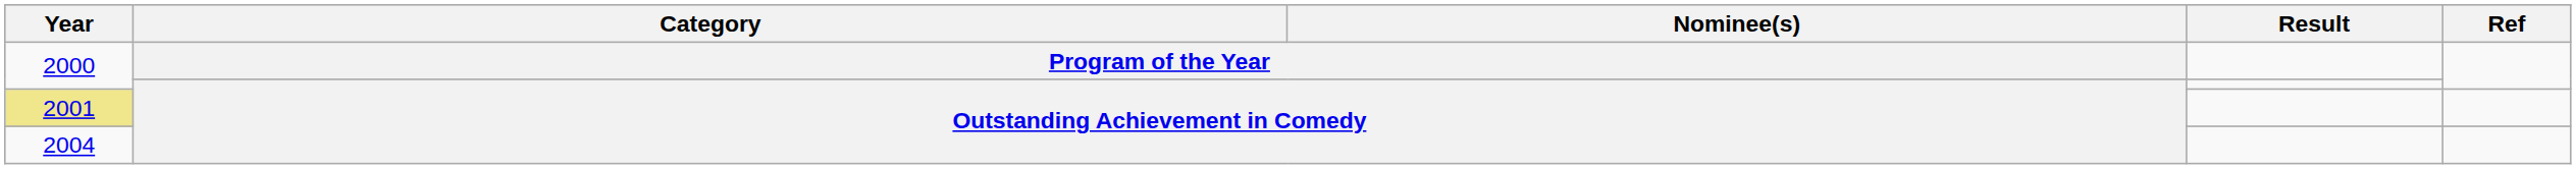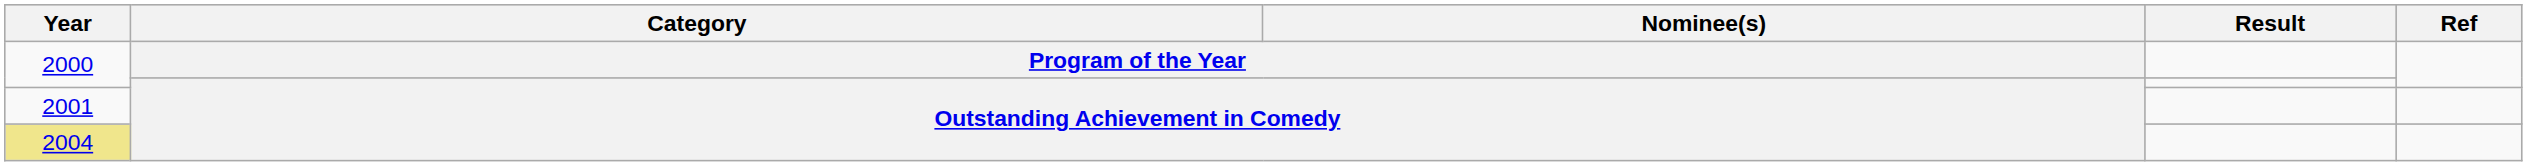 <table class="wikitable plainrowheaders" style="font-size: 90%; text-align:center" width=100%>
 <tr>
 <th scope="col" width="5%">Year</th>
 <th scope="col" width="45%">Category</th>
 <th scope="col" width="35%">Nominee(s)</th>
 <th scope="col" width="10%">Result</th>
 <th scope="col" width="5%">Ref</th>
 </tr>
 <tr>
 <td rowspan="2"><a href='#'>2000</a></td>
 <th scope="row" style="text-align:center" colspan="2"><a href='#'>Program of the Year</a></th>
 <td></td>
 <td rowspan="2"></td>
 </tr>
 <tr>
 <th scope="row" style="text-align:center" colspan="2" rowspan="3"><a href='#'>Outstanding Achievement in Comedy</a></th>
 <td></td>
 </tr>
 <tr>
-<td style="background: khaki;"><a href='#'>2001</a></td>
+<td><a href='#'>2001</a></td>
 <td></td>
 <td></td>
 </tr>
 <tr>
-<td><a href='#'>2004</a></td>
+<td style="background: khaki;"><a href='#'>2004</a></td>
 <td></td>
 <td></td>
 </tr>
 </table>
